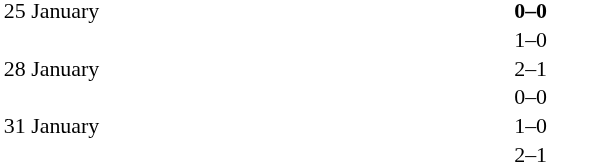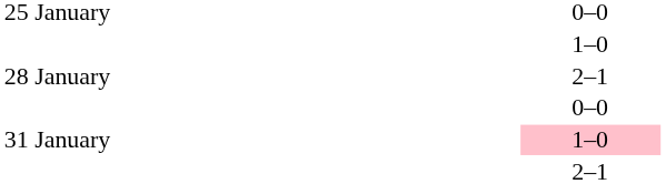 <table cellspacing=1 width=70%>
 <tr>
 <th width=25%></th>
 <th width=30%></th>
 <th width=15%></th>
 <th width=30%></th>
 </tr>
 <tr>
 <td>25 January</td>
 <td align=right></td>
-<td align=center><strong>0–0</strong></td>
+<td align=center>0–0</td>
 <td></td>
 </tr>
 <tr>
 <td></td>
 <td align=right></td>
 <td align=center>1–0</td>
 <td></td>
 </tr>
 <tr>
 <td>28 January</td>
 <td align=right></td>
 <td align=center>2–1</td>
 <td></td>
 </tr>
 <tr>
 <td></td>
 <td align=right></td>
 <td align=center>0–0</td>
 <td></td>
 </tr>
 <tr>
 <td>31 January</td>
 <td align=right></td>
-<td align=center>1–0</td>
+<td align=center style="background: pink;">1–0</td>
 <td></td>
 </tr>
 <tr>
 <td></td>
 <td align=right></td>
 <td align=center>2–1</td>
 <td></td>
 </tr>
 </table>
